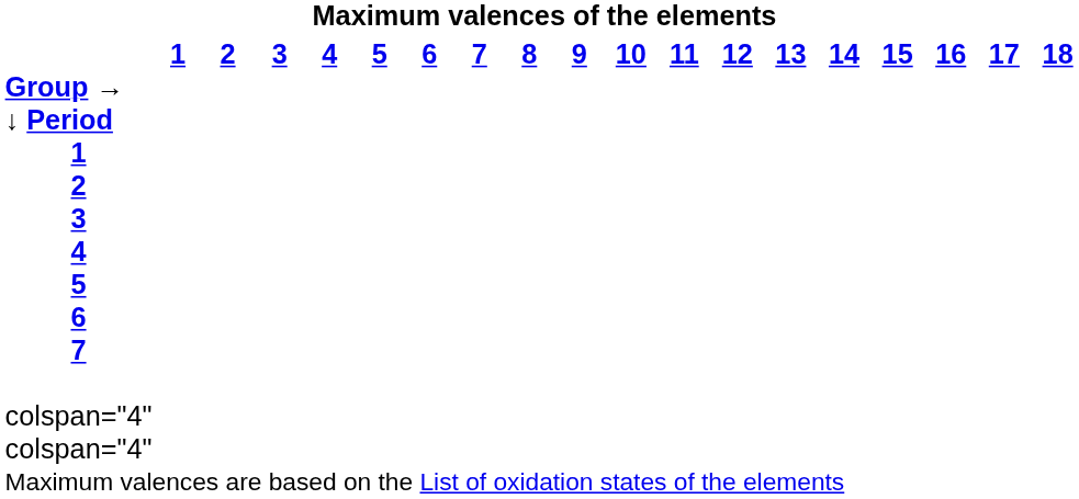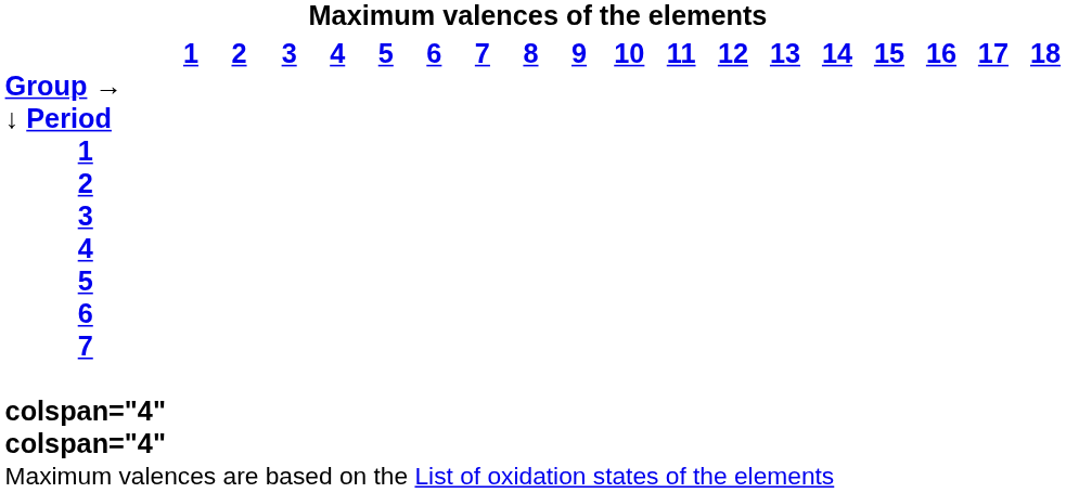 <table class="mw-collapsible" width=100%; cellpadding="0" cellspacing="1" style="background:">
 <tr>
 <th colspan=20 style="padding:0.2em 0.5em; background:">Maximum valences of the elements</th>
 </tr>
 <tr style="background:">
 <th></th>
 <th style="width: 5.5%"><a href='#'>1</a></th>
 <th style="width: 5.5%"><a href='#'>2</a></th>
 <td></td>
 <th style="width: 5.5%"><a href='#'>3</a></th>
 <th style="width: 5.5%"><a href='#'>4</a></th>
 <th style="width: 5.5%"><a href='#'>5</a></th>
 <th style="width: 5.5%"><a href='#'>6</a></th>
 <th style="width: 5.5%"><a href='#'>7</a></th>
 <th style="width: 5.5%"><a href='#'>8</a></th>
 <th style="width: 5.5%"><a href='#'>9</a></th>
 <th style="width: 5.5%"><a href='#'>10</a></th>
 <th style="width: 5.5%"><a href='#'>11</a></th>
 <th style="width: 5.5%"><a href='#'>12</a></th>
 <th style="width: 5.5%"><a href='#'>13</a></th>
 <th style="width: 5.5%"><a href='#'>14</a></th>
 <th style="width: 5.5%"><a href='#'>15</a></th>
 <th style="width: 5.5%"><a href='#'>16</a></th>
 <th style="width: 5.5%"><a href='#'>17</a></th>
 <th style="width: 5.5%"><a href='#'>18</a></th>
 </tr>
 <tr>
 <th colspan=3 style="text-align:left;"><a href='#'>Group</a> →</th>
 </tr>
 <tr>
 <th colspan=3 style="text-align:left;">↓ <a href='#'>Period</a></th>
 </tr>
 <tr>
 <th><a href='#'>1</a></th>
 <td></td>
 <td colspan="17"></td>
 <td></td>
 </tr>
 <tr>
 <th><a href='#'>2</a></th>
 <td></td>
 <td></td>
 <td colspan="11"></td>
 <td></td>
 <td></td>
 <td></td>
 <td></td>
 <td></td>
 <td></td>
 </tr>
 <tr>
 <th><a href='#'>3</a></th>
 <td></td>
 <td></td>
 <td colspan="11"></td>
 <td></td>
 <td></td>
 <td></td>
 <td></td>
 <td></td>
 <td></td>
 </tr>
 <tr>
 <th><a href='#'>4</a></th>
 <td></td>
 <td></td>
 <td></td>
 <td></td>
 <td></td>
 <td></td>
 <td></td>
 <td></td>
 <td></td>
 <td></td>
 <td></td>
 <td></td>
 <td></td>
 <td></td>
 <td></td>
 <td></td>
 <td></td>
 <td></td>
 <td></td>
 </tr>
 <tr>
 <th><a href='#'>5</a></th>
 <td></td>
 <td></td>
 <td></td>
 <td></td>
 <td></td>
 <td></td>
 <td></td>
 <td></td>
 <td></td>
 <td></td>
 <td></td>
 <td></td>
 <td></td>
 <td></td>
 <td></td>
 <td></td>
 <td></td>
 <td></td>
 <td></td>
 </tr>
 <tr>
 <th><a href='#'>6</a></th>
 <td></td>
 <td></td>
 <td></td>
 <td></td>
 <td></td>
 <td></td>
 <td></td>
 <td></td>
 <td></td>
 <td></td>
 <td></td>
 <td></td>
 <td></td>
 <td></td>
 <td></td>
 <td></td>
 <td></td>
 <td></td>
 <td></td>
 </tr>
 <tr>
 <th><a href='#'>7</a></th>
 <td></td>
 <td></td>
 <td></td>
 <td></td>
 <td></td>
 <td></td>
 <td></td>
 <td></td>
 <td></td>
 <td></td>
 <td></td>
 <td></td>
 <td></td>
 <td></td>
 <td></td>
 <td></td>
 <td></td>
 <td></td>
 <td></td>
 </tr>
 <tr>
 <td colspan="22"> </td>
 </tr>
 <tr>
-<td>colspan="4" </td>
+<td><strong>colspan="4" </strong></td>
 <td></td>
 <td></td>
 <td></td>
 <td></td>
 <td></td>
 <td></td>
 <td></td>
 <td></td>
 <td></td>
 <td></td>
 <td></td>
 <td></td>
 <td></td>
 <td></td>
 <td></td>
 </tr>
 <tr>
-<td>colspan="4" </td>
+<td><strong>colspan="4" </strong></td>
 <td></td>
 <td></td>
 <td></td>
 <td></td>
 <td></td>
 <td></td>
 <td></td>
 <td></td>
 <td></td>
 <td></td>
 <td></td>
 <td></td>
 <td></td>
 <td></td>
 </tr>
 <tr>
 <td colspan=20 style="font-size:90%;">Maximum valences are based on the <a href='#'>List of oxidation states of the elements</a></td>
 </tr>
 <tr>
 <td colspan=20><br></td>
 </tr>
 </table>
